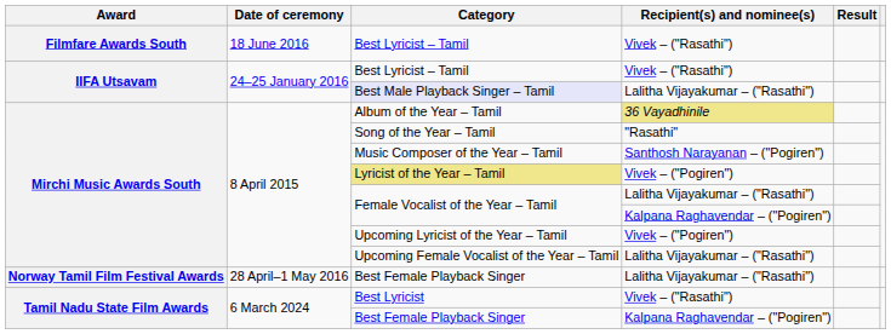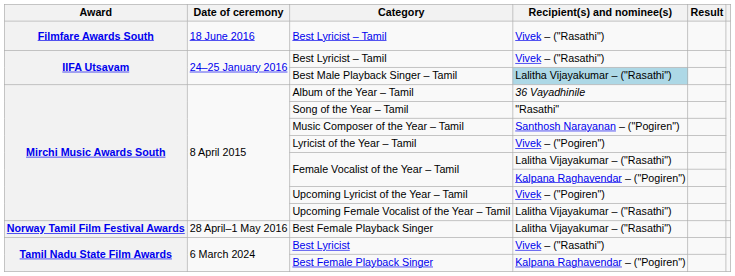 <table class="wikitable plainrowheaders sortable">
 <tr>
 <th scope="col">Award</th>
 <th scope="col">Date of ceremony</th>
 <th scope="col">Category</th>
 <th scope="col">Recipient(s) and nominee(s)</th>
 <th scope="col">Result</th>
 <th scope="col" class="unsortable"></th>
 </tr>
 <tr>
 <th scope="row"><a href='#'>Filmfare Awards South</a></th>
 <td><a href='#'>18 June 2016</a></td>
 <td><a href='#'>Best Lyricist – Tamil</a></td>
 <td><a href='#'>Vivek</a> – ("Rasathi")</td>
 <td></td>
 <td style="text-align:center;"><br><br></td>
 </tr>
 <tr>
 <th rowspan="2" scope="row"><a href='#'>IIFA Utsavam</a></th>
 <td rowspan="2"><a href='#'>24–25 January 2016</a></td>
 <td>Best Lyricist – Tamil</td>
 <td><a href='#'>Vivek</a> – ("Rasathi")</td>
 <td></td>
 <td rowspan="2" style="text-align:center;"><br></td>
 </tr>
 <tr>
-<td style="background: lavender;">Best Male Playback Singer – Tamil</td>
-<td>Lalitha Vijayakumar – ("Rasathi")</td>
+<td>Best Male Playback Singer – Tamil</td>
+<td style="background: lightblue;">Lalitha Vijayakumar – ("Rasathi")</td>
 <td></td>
 </tr>
 <tr>
 <th rowspan="8" scope="row"><a href='#'>Mirchi Music Awards South</a></th>
 <td rowspan="8">8 April 2015</td>
 <td>Album of the Year – Tamil</td>
-<td style="background: khaki;"><em>36 Vayadhinile</em></td>
+<td><em>36 Vayadhinile</em></td>
 <td></td>
 <td rowspan="8" style="text-align:center;"><br></td>
 </tr>
 <tr>
 <td>Song of the Year – Tamil</td>
 <td>"Rasathi"</td>
 <td></td>
 </tr>
 <tr>
 <td>Music Composer of the Year – Tamil</td>
 <td><a href='#'>Santhosh Narayanan</a> – ("Pogiren")</td>
 <td></td>
 </tr>
 <tr>
-<td style="background: khaki;">Lyricist of the Year – Tamil</td>
+<td>Lyricist of the Year – Tamil</td>
 <td><a href='#'>Vivek</a> – ("Pogiren")</td>
 <td></td>
 </tr>
 <tr>
 <td rowspan="2">Female Vocalist of the Year – Tamil</td>
 <td>Lalitha Vijayakumar – ("Rasathi")</td>
 <td></td>
 </tr>
 <tr>
 <td><a href='#'>Kalpana Raghavendar</a> – ("Pogiren")</td>
 <td></td>
 </tr>
 <tr>
 <td>Upcoming Lyricist of the Year – Tamil</td>
 <td><a href='#'>Vivek</a> – ("Pogiren")</td>
 <td></td>
 </tr>
 <tr>
 <td>Upcoming Female Vocalist of the Year – Tamil</td>
 <td>Lalitha Vijayakumar – ("Rasathi")</td>
 <td></td>
 </tr>
 <tr>
 <th scope="row"><a href='#'>Norway Tamil Film Festival Awards</a></th>
 <td>28 April–1 May 2016</td>
 <td>Best Female Playback Singer</td>
 <td>Lalitha Vijayakumar – ("Rasathi")</td>
 <td></td>
 <td style="text-align:center;"></td>
 </tr>
 <tr>
 <th rowspan="2" scope="row"><a href='#'>Tamil Nadu State Film Awards</a></th>
 <td rowspan="2">6 March 2024</td>
 <td><a href='#'>Best Lyricist</a></td>
 <td><a href='#'>Vivek</a> – ("Rasathi")</td>
 <td></td>
 <td rowspan="2" style="text-align:center;"><br></td>
 </tr>
 <tr>
 <td><a href='#'>Best Female Playback Singer</a></td>
 <td><a href='#'>Kalpana Raghavendar</a> – ("Pogiren")</td>
 <td></td>
 </tr>
 </table>
